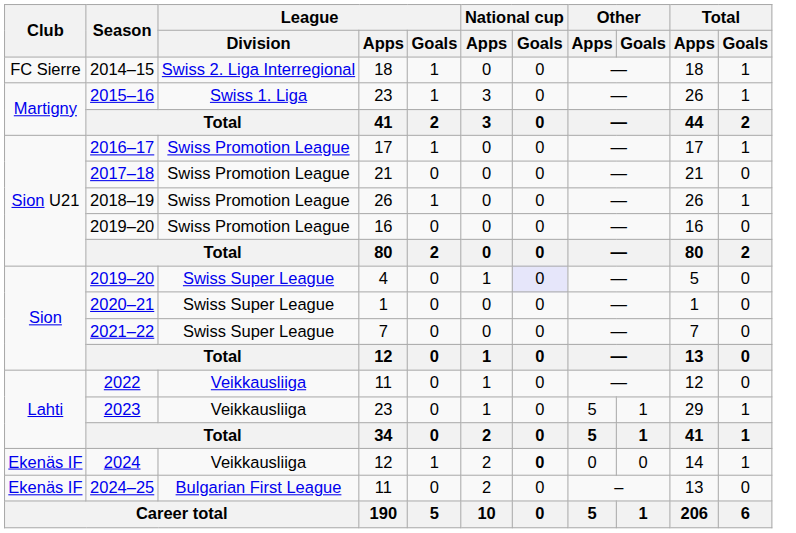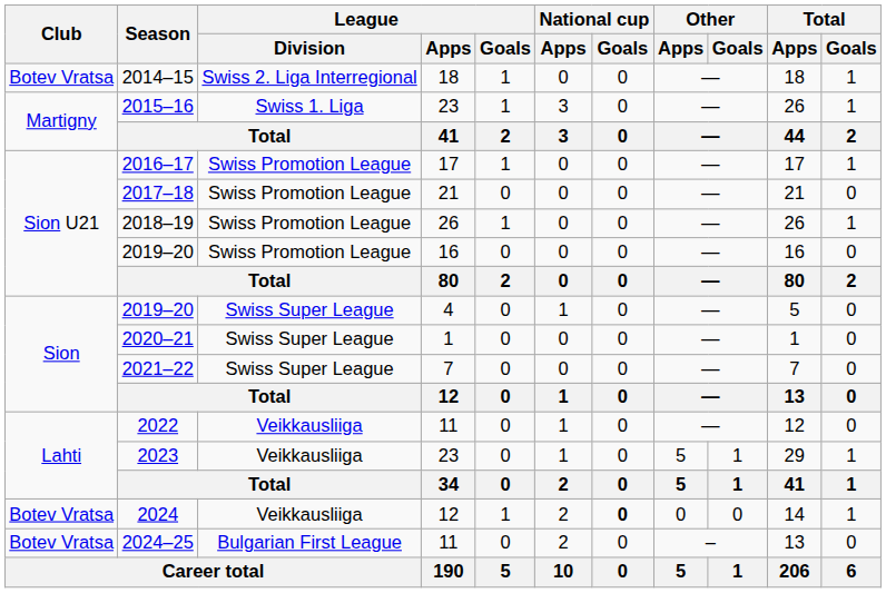 <table class="wikitable" style="text-align:center">
 <tr>
 <th rowspan="2">Club</th>
 <th rowspan="2">Season</th>
 <th colspan="3">League</th>
 <th colspan="2">National cup</th>
 <th colspan="2">Other</th>
 <th colspan="2">Total</th>
 </tr>
 <tr>
 <th>Division</th>
 <th>Apps</th>
 <th>Goals</th>
 <th>Apps</th>
 <th>Goals</th>
 <th>Apps</th>
 <th>Goals</th>
 <th>Apps</th>
 <th>Goals</th>
 </tr>
 <tr>
-<td>FC Sierre</td>
+<td><a href='#'>Botev Vratsa</a></td>
 <td>2014–15</td>
 <td><a href='#'>Swiss 2. Liga Interregional</a></td>
 <td>18</td>
 <td>1</td>
 <td>0</td>
 <td>0</td>
 <td colspan="2">—</td>
 <td>18</td>
 <td>1</td>
 </tr>
 <tr>
 <td rowspan="2"><a href='#'>Martigny</a></td>
 <td><a href='#'>2015–16</a></td>
 <td><a href='#'>Swiss 1. Liga</a></td>
 <td>23</td>
 <td>1</td>
 <td>3</td>
 <td>0</td>
 <td colspan="2">—</td>
 <td>26</td>
 <td>1</td>
 </tr>
 <tr>
 <th colspan="2">Total</th>
 <th>41</th>
 <th>2</th>
 <th>3</th>
 <th>0</th>
 <th colspan="2">—</th>
 <th>44</th>
 <th>2</th>
 </tr>
 <tr>
 <td rowspan="5"><a href='#'>Sion</a> U21</td>
 <td><a href='#'>2016–17</a></td>
 <td><a href='#'>Swiss Promotion League</a></td>
 <td>17</td>
 <td>1</td>
 <td>0</td>
 <td>0</td>
 <td colspan="2">—</td>
 <td>17</td>
 <td>1</td>
 </tr>
 <tr>
 <td><a href='#'>2017–18</a></td>
 <td>Swiss Promotion League</td>
 <td>21</td>
 <td>0</td>
 <td>0</td>
 <td>0</td>
 <td colspan="2">—</td>
 <td>21</td>
 <td>0</td>
 </tr>
 <tr>
 <td>2018–19</td>
 <td>Swiss Promotion League</td>
 <td>26</td>
 <td>1</td>
 <td>0</td>
 <td>0</td>
 <td colspan="2">—</td>
 <td>26</td>
 <td>1</td>
 </tr>
 <tr>
 <td>2019–20</td>
 <td>Swiss Promotion League</td>
 <td>16</td>
 <td>0</td>
 <td>0</td>
 <td>0</td>
 <td colspan="2">—</td>
 <td>16</td>
 <td>0</td>
 </tr>
 <tr>
 <th colspan="2">Total</th>
 <th>80</th>
 <th>2</th>
 <th>0</th>
 <th>0</th>
 <th colspan="2">—</th>
 <th>80</th>
 <th>2</th>
 </tr>
 <tr>
 <td rowspan="4"><a href='#'>Sion</a></td>
 <td><a href='#'>2019–20</a></td>
 <td><a href='#'>Swiss Super League</a></td>
 <td>4</td>
 <td>0</td>
 <td>1</td>
-<td style="background: lavender;">0</td>
+<td>0</td>
 <td colspan="2">—</td>
 <td>5</td>
 <td>0</td>
 </tr>
 <tr>
 <td><a href='#'>2020–21</a></td>
 <td>Swiss Super League</td>
 <td>1</td>
 <td>0</td>
 <td>0</td>
 <td>0</td>
 <td colspan="2">—</td>
 <td>1</td>
 <td>0</td>
 </tr>
 <tr>
 <td><a href='#'>2021–22</a></td>
 <td>Swiss Super League</td>
 <td>7</td>
 <td>0</td>
 <td>0</td>
 <td>0</td>
 <td colspan="2">—</td>
 <td>7</td>
 <td>0</td>
 </tr>
 <tr>
 <th colspan="2">Total</th>
 <th>12</th>
 <th>0</th>
 <th>1</th>
 <th>0</th>
 <th colspan="2">—</th>
 <th>13</th>
 <th>0</th>
 </tr>
 <tr>
 <td rowspan="3"><a href='#'>Lahti</a></td>
 <td><a href='#'>2022</a></td>
 <td><a href='#'>Veikkausliiga</a></td>
 <td>11</td>
 <td>0</td>
 <td>1</td>
 <td>0</td>
 <td colspan="2">—</td>
 <td>12</td>
 <td>0</td>
 </tr>
 <tr>
 <td><a href='#'>2023</a></td>
 <td>Veikkausliiga</td>
 <td>23</td>
 <td>0</td>
 <td>1</td>
 <td>0</td>
 <td>5</td>
 <td>1</td>
 <td>29</td>
 <td>1</td>
 </tr>
 <tr>
 <th colspan="2">Total</th>
 <th>34</th>
 <th>0</th>
 <th>2</th>
 <th>0</th>
 <th>5</th>
 <th>1</th>
 <th>41</th>
 <th>1</th>
 </tr>
 <tr>
-<td><a href='#'>Ekenäs IF</a></td>
+<td><a href='#'>Botev Vratsa</a></td>
 <td><a href='#'>2024</a></td>
 <td>Veikkausliiga</td>
 <td>12</td>
 <td>1</td>
 <td>2</td>
 <td><strong>0</strong></td>
 <td>0</td>
 <td>0</td>
 <td>14</td>
 <td>1</td>
 </tr>
 <tr>
-<td><a href='#'>Ekenäs IF</a></td>
+<td><a href='#'>Botev Vratsa</a></td>
 <td><a href='#'>2024–25</a></td>
 <td><a href='#'>Bulgarian First League</a></td>
 <td>11</td>
 <td>0</td>
 <td>2</td>
 <td>0</td>
 <td colspan=2>–</td>
 <td>13</td>
 <td>0</td>
 </tr>
 <tr>
 <th colspan="3">Career total</th>
 <th>190</th>
 <th>5</th>
 <th>10</th>
 <th>0</th>
 <th>5</th>
 <th>1</th>
 <th>206</th>
 <th>6</th>
 </tr>
 </table>
